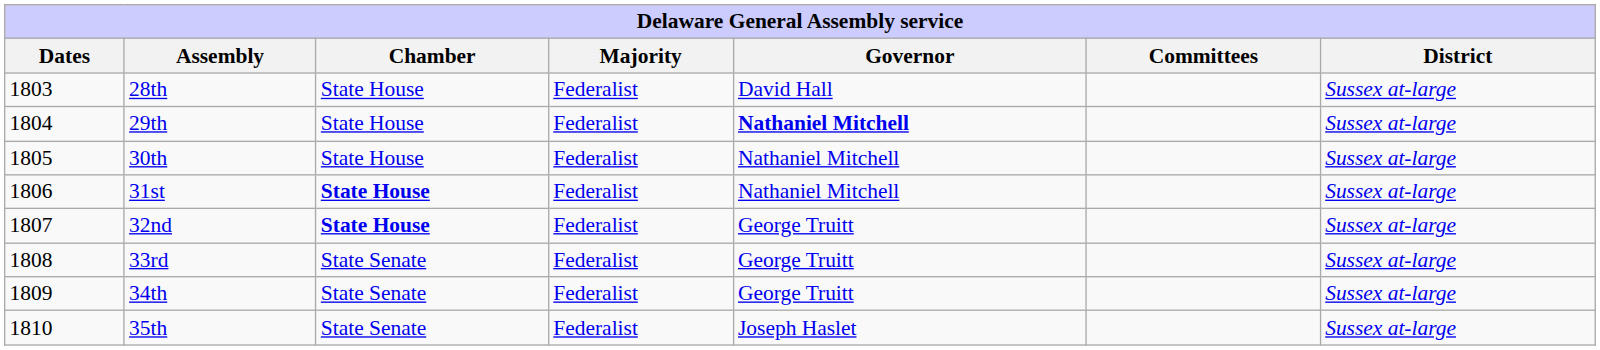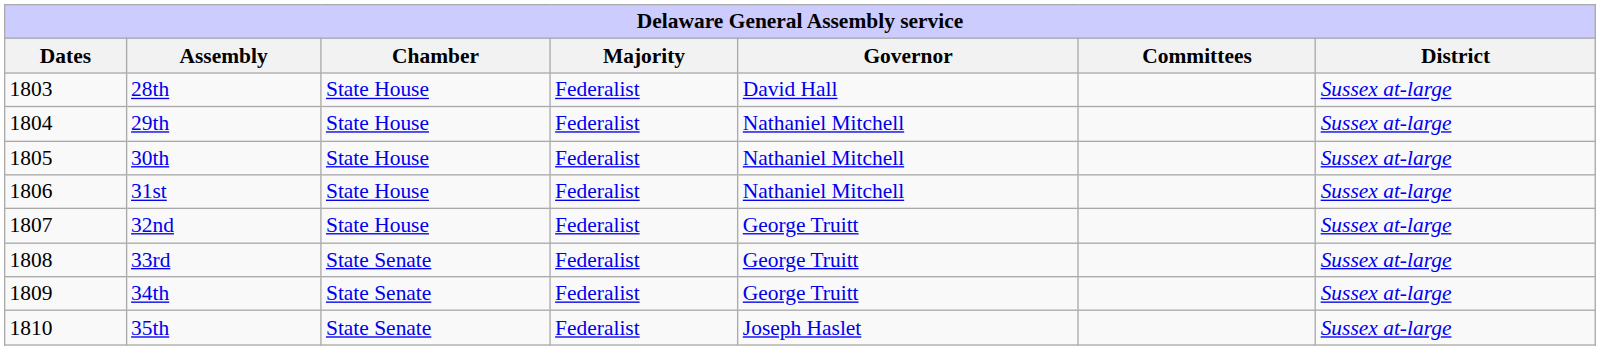 <table class=wikitable style="width: 94%" style="text-align: center;" align="center">
 <tr bgcolor=#cccccc>
 <th colspan=7 style="background: #ccccff;">Delaware General Assembly service</th>
 </tr>
 <tr>
 <th>Dates</th>
 <th>Assembly</th>
 <th>Chamber</th>
 <th>Majority</th>
 <th>Governor</th>
 <th>Committees</th>
 <th>District</th>
 </tr>
 <tr>
 <td>1803</td>
 <td><a href='#'>28th</a></td>
 <td><a href='#'>State House</a></td>
 <td><a href='#'>Federalist</a></td>
 <td><a href='#'>David Hall</a></td>
 <td></td>
 <td><a href='#'><em>Sussex at-large</em></a></td>
 </tr>
 <tr>
 <td>1804</td>
 <td><a href='#'>29th</a></td>
 <td><a href='#'>State House</a></td>
 <td><a href='#'>Federalist</a></td>
-<td><strong><a href='#'>Nathaniel Mitchell</a></strong></td>
+<td><a href='#'>Nathaniel Mitchell</a></td>
 <td></td>
 <td><a href='#'><em>Sussex at-large</em></a></td>
 </tr>
 <tr>
 <td>1805</td>
 <td><a href='#'>30th</a></td>
 <td><a href='#'>State House</a></td>
 <td><a href='#'>Federalist</a></td>
 <td><a href='#'>Nathaniel Mitchell</a></td>
 <td></td>
 <td><a href='#'><em>Sussex at-large</em></a></td>
 </tr>
 <tr>
 <td>1806</td>
 <td><a href='#'>31st</a></td>
-<td><strong><a href='#'>State House</a></strong></td>
+<td><a href='#'>State House</a></td>
 <td><a href='#'>Federalist</a></td>
 <td><a href='#'>Nathaniel Mitchell</a></td>
 <td></td>
 <td><a href='#'><em>Sussex at-large</em></a></td>
 </tr>
 <tr>
 <td>1807</td>
 <td><a href='#'>32nd</a></td>
-<td><strong><a href='#'>State House</a></strong></td>
+<td><a href='#'>State House</a></td>
 <td><a href='#'>Federalist</a></td>
 <td><a href='#'>George Truitt</a></td>
 <td></td>
 <td><a href='#'><em>Sussex at-large</em></a></td>
 </tr>
 <tr>
 <td>1808</td>
 <td><a href='#'>33rd</a></td>
 <td><a href='#'>State Senate</a></td>
 <td><a href='#'>Federalist</a></td>
 <td><a href='#'>George Truitt</a></td>
 <td></td>
 <td><a href='#'><em>Sussex at-large</em></a></td>
 </tr>
 <tr>
 <td>1809</td>
 <td><a href='#'>34th</a></td>
 <td><a href='#'>State Senate</a></td>
 <td><a href='#'>Federalist</a></td>
 <td><a href='#'>George Truitt</a></td>
 <td></td>
 <td><a href='#'><em>Sussex at-large</em></a></td>
 </tr>
 <tr>
 <td>1810</td>
 <td><a href='#'>35th</a></td>
 <td><a href='#'>State Senate</a></td>
 <td><a href='#'>Federalist</a></td>
 <td><a href='#'>Joseph Haslet</a></td>
 <td></td>
 <td><a href='#'><em>Sussex at-large</em></a></td>
 </tr>
 </table>
